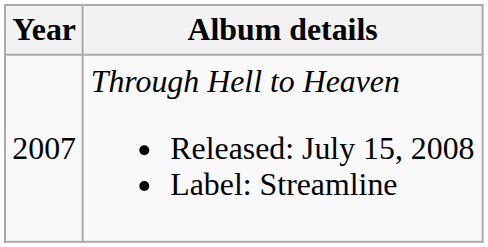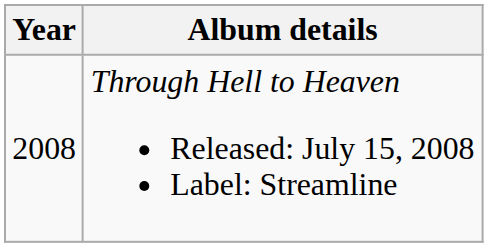 <table class="wikitable">
 <tr>
 <th>Year</th>
 <th>Album details</th>
 </tr>
 <tr>
-<td>2007</td>
+<td>2008</td>
 <td><em>Through Hell to Heaven</em><br><ul><li>Released: July 15, 2008</li><li>Label: Streamline</li></ul></td>
 </tr>
 </table>
